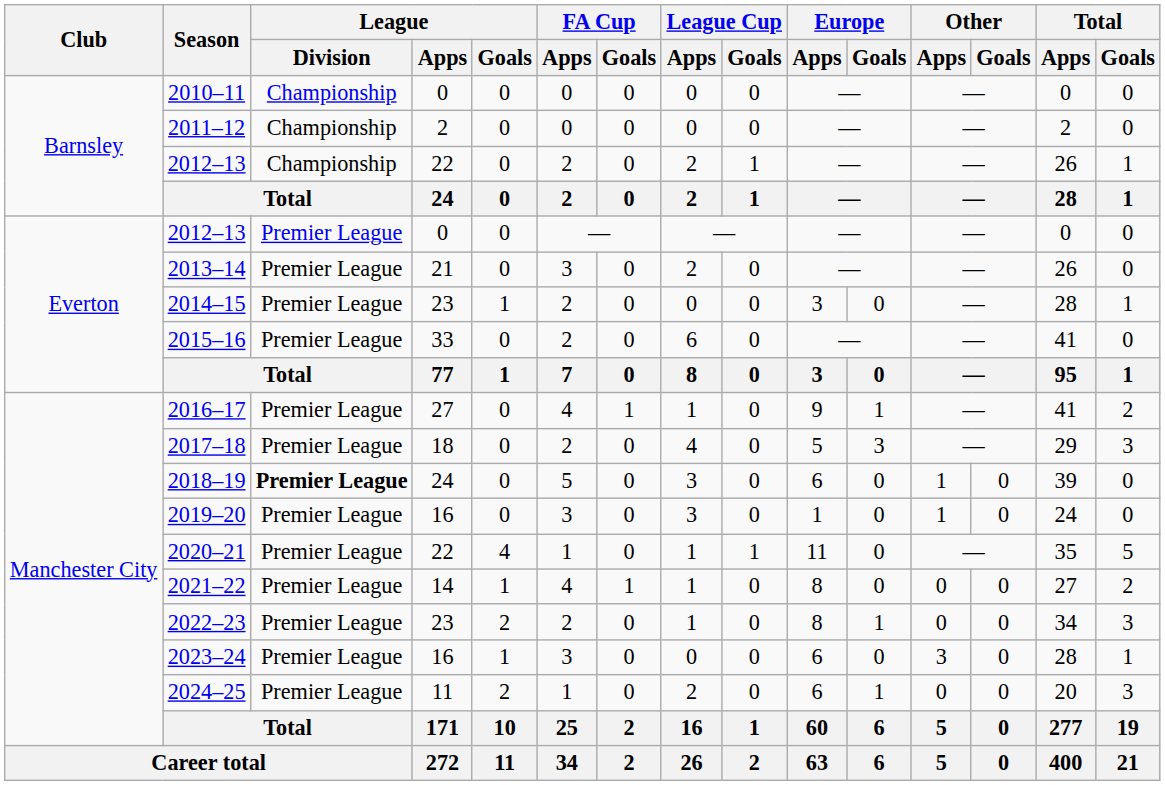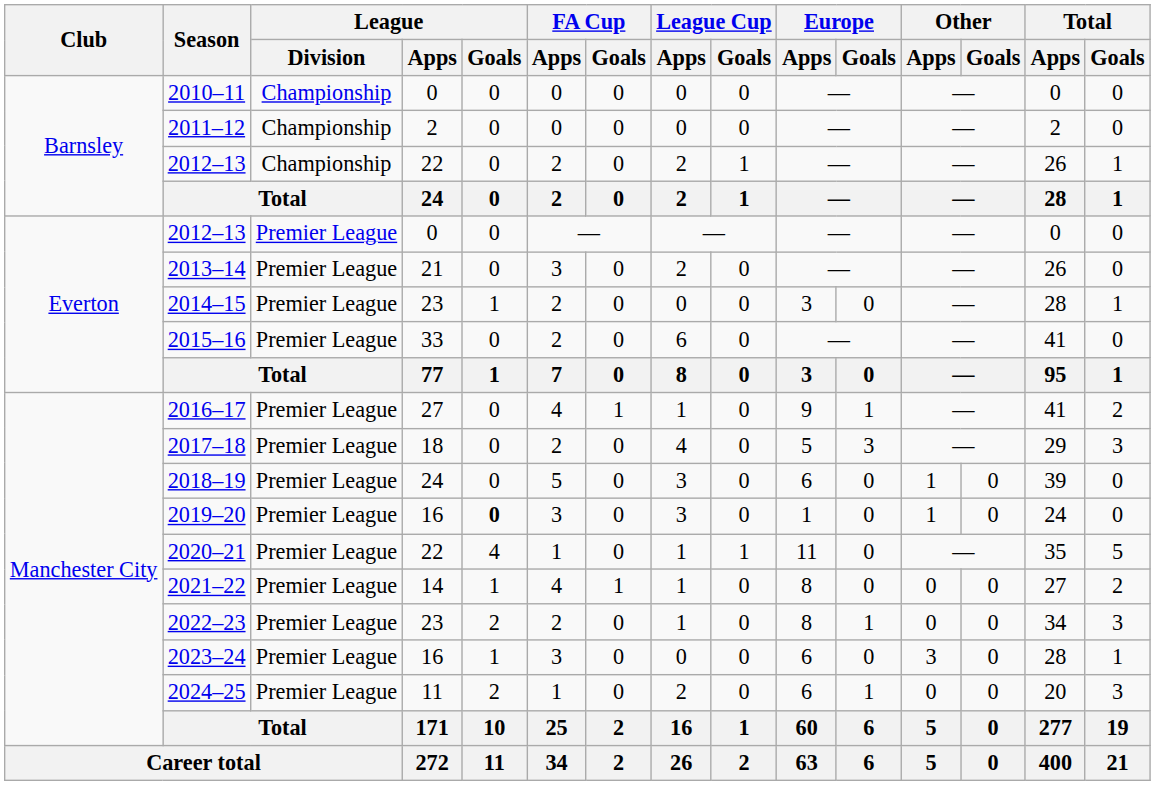 <table class="wikitable" style="text-align: center;">
 <tr>
 <th rowspan="2">Club</th>
 <th rowspan="2">Season</th>
 <th colspan="3">League</th>
 <th colspan="2"><a href='#'>FA Cup</a></th>
 <th colspan="2"><a href='#'>League Cup</a></th>
 <th colspan="2"><a href='#'>Europe</a></th>
 <th colspan="2">Other</th>
 <th colspan="2">Total</th>
 </tr>
 <tr>
 <th>Division</th>
 <th>Apps</th>
 <th>Goals</th>
 <th>Apps</th>
 <th>Goals</th>
 <th>Apps</th>
 <th>Goals</th>
 <th>Apps</th>
 <th>Goals</th>
 <th>Apps</th>
 <th>Goals</th>
 <th>Apps</th>
 <th>Goals</th>
 </tr>
 <tr>
 <td rowspan="4"><a href='#'>Barnsley</a></td>
 <td><a href='#'>2010–11</a></td>
 <td><a href='#'>Championship</a></td>
 <td>0</td>
 <td>0</td>
 <td>0</td>
 <td>0</td>
 <td>0</td>
 <td>0</td>
 <td colspan="2">—</td>
 <td colspan="2">—</td>
 <td>0</td>
 <td>0</td>
 </tr>
 <tr>
 <td><a href='#'>2011–12</a></td>
 <td>Championship</td>
 <td>2</td>
 <td>0</td>
 <td>0</td>
 <td>0</td>
 <td>0</td>
 <td>0</td>
 <td colspan="2">—</td>
 <td colspan="2">—</td>
 <td>2</td>
 <td>0</td>
 </tr>
 <tr>
 <td><a href='#'>2012–13</a></td>
 <td>Championship</td>
 <td>22</td>
 <td>0</td>
 <td>2</td>
 <td>0</td>
 <td>2</td>
 <td>1</td>
 <td colspan="2">—</td>
 <td colspan="2">—</td>
 <td>26</td>
 <td>1</td>
 </tr>
 <tr>
 <th colspan="2">Total</th>
 <th>24</th>
 <th>0</th>
 <th>2</th>
 <th>0</th>
 <th>2</th>
 <th>1</th>
 <th colspan="2">—</th>
 <th colspan="2">—</th>
 <th>28</th>
 <th>1</th>
 </tr>
 <tr>
 <td rowspan="5"><a href='#'>Everton</a></td>
 <td><a href='#'>2012–13</a></td>
 <td><a href='#'>Premier League</a></td>
 <td>0</td>
 <td>0</td>
 <td colspan="2">—</td>
 <td colspan="2">—</td>
 <td colspan="2">—</td>
 <td colspan="2">—</td>
 <td>0</td>
 <td>0</td>
 </tr>
 <tr>
 <td><a href='#'>2013–14</a></td>
 <td>Premier League</td>
 <td>21</td>
 <td>0</td>
 <td>3</td>
 <td>0</td>
 <td>2</td>
 <td>0</td>
 <td colspan="2">—</td>
 <td colspan="2">—</td>
 <td>26</td>
 <td>0</td>
 </tr>
 <tr>
 <td><a href='#'>2014–15</a></td>
 <td>Premier League</td>
 <td>23</td>
 <td>1</td>
 <td>2</td>
 <td>0</td>
 <td>0</td>
 <td>0</td>
 <td>3</td>
 <td>0</td>
 <td colspan="2">—</td>
 <td>28</td>
 <td>1</td>
 </tr>
 <tr>
 <td><a href='#'>2015–16</a></td>
 <td>Premier League</td>
 <td>33</td>
 <td>0</td>
 <td>2</td>
 <td>0</td>
 <td>6</td>
 <td>0</td>
 <td colspan="2">—</td>
 <td colspan="2">—</td>
 <td>41</td>
 <td>0</td>
 </tr>
 <tr>
 <th colspan="2">Total</th>
 <th>77</th>
 <th>1</th>
 <th>7</th>
 <th>0</th>
 <th>8</th>
 <th>0</th>
 <th>3</th>
 <th>0</th>
 <th colspan="2">—</th>
 <th>95</th>
 <th>1</th>
 </tr>
 <tr>
 <td rowspan="10"><a href='#'>Manchester City</a></td>
 <td><a href='#'>2016–17</a></td>
 <td>Premier League</td>
 <td>27</td>
 <td>0</td>
 <td>4</td>
 <td>1</td>
 <td>1</td>
 <td>0</td>
 <td>9</td>
 <td>1</td>
 <td colspan="2">—</td>
 <td>41</td>
 <td>2</td>
 </tr>
 <tr>
 <td><a href='#'>2017–18</a></td>
 <td>Premier League</td>
 <td>18</td>
 <td>0</td>
 <td>2</td>
 <td>0</td>
 <td>4</td>
 <td>0</td>
 <td>5</td>
 <td>3</td>
 <td colspan="2">—</td>
 <td>29</td>
 <td>3</td>
 </tr>
 <tr>
 <td><a href='#'>2018–19</a></td>
-<td><strong>Premier League</strong></td>
+<td>Premier League</td>
 <td>24</td>
 <td>0</td>
 <td>5</td>
 <td>0</td>
 <td>3</td>
 <td>0</td>
 <td>6</td>
 <td>0</td>
 <td>1</td>
 <td>0</td>
 <td>39</td>
 <td>0</td>
 </tr>
 <tr>
 <td><a href='#'>2019–20</a></td>
 <td>Premier League</td>
 <td>16</td>
-<td>0</td>
+<td><strong>0</strong></td>
 <td>3</td>
 <td>0</td>
 <td>3</td>
 <td>0</td>
 <td>1</td>
 <td>0</td>
 <td>1</td>
 <td>0</td>
 <td>24</td>
 <td>0</td>
 </tr>
 <tr>
 <td><a href='#'>2020–21</a></td>
 <td>Premier League</td>
 <td>22</td>
 <td>4</td>
 <td>1</td>
 <td>0</td>
 <td>1</td>
 <td>1</td>
 <td>11</td>
 <td>0</td>
 <td colspan="2">—</td>
 <td>35</td>
 <td>5</td>
 </tr>
 <tr>
 <td><a href='#'>2021–22</a></td>
 <td>Premier League</td>
 <td>14</td>
 <td>1</td>
 <td>4</td>
 <td>1</td>
 <td>1</td>
 <td>0</td>
 <td>8</td>
 <td>0</td>
 <td>0</td>
 <td>0</td>
 <td>27</td>
 <td>2</td>
 </tr>
 <tr>
 <td><a href='#'>2022–23</a></td>
 <td>Premier League</td>
 <td>23</td>
 <td>2</td>
 <td>2</td>
 <td>0</td>
 <td>1</td>
 <td>0</td>
 <td>8</td>
 <td>1</td>
 <td>0</td>
 <td>0</td>
 <td>34</td>
 <td>3</td>
 </tr>
 <tr>
 <td><a href='#'>2023–24</a></td>
 <td>Premier League</td>
 <td>16</td>
 <td>1</td>
 <td>3</td>
 <td>0</td>
 <td>0</td>
 <td>0</td>
 <td>6</td>
 <td>0</td>
 <td>3</td>
 <td>0</td>
 <td>28</td>
 <td>1</td>
 </tr>
 <tr>
 <td><a href='#'>2024–25</a></td>
 <td>Premier League</td>
 <td>11</td>
 <td>2</td>
 <td>1</td>
 <td>0</td>
 <td>2</td>
 <td>0</td>
 <td>6</td>
 <td>1</td>
 <td>0</td>
 <td>0</td>
 <td>20</td>
 <td>3</td>
 </tr>
 <tr>
 <th colspan="2">Total</th>
 <th>171</th>
 <th>10</th>
 <th>25</th>
 <th>2</th>
 <th>16</th>
 <th>1</th>
 <th>60</th>
 <th>6</th>
 <th>5</th>
 <th>0</th>
 <th>277</th>
 <th>19</th>
 </tr>
 <tr>
 <th colspan="3">Career total</th>
 <th>272</th>
 <th>11</th>
 <th>34</th>
 <th>2</th>
 <th>26</th>
 <th>2</th>
 <th>63</th>
 <th>6</th>
 <th>5</th>
 <th>0</th>
 <th>400</th>
 <th>21</th>
 </tr>
 </table>
